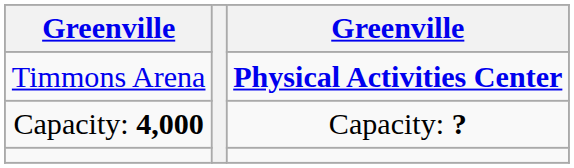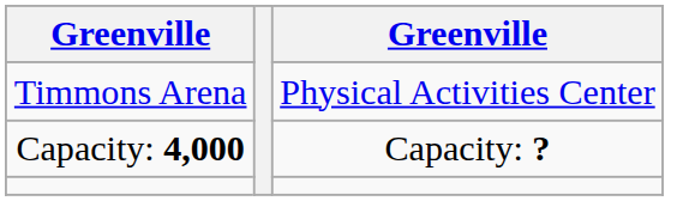 <table class="wikitable" style="text-align:center">
 <tr>
 <th><a href='#'>Greenville</a></th>
 <th rowspan=4><div></div></th>
 <th><a href='#'>Greenville</a></th>
 </tr>
 <tr>
 <td><a href='#'>Timmons Arena</a></td>
-<td><strong><a href='#'>Physical Activities Center</a></strong></td>
+<td><a href='#'>Physical Activities Center</a></td>
 </tr>
 <tr>
 <td>Capacity: <strong>4,000</strong></td>
 <td>Capacity: <strong>?</strong></td>
 </tr>
 <tr>
 <td></td>
 <td></td>
 </tr>
 </table>
